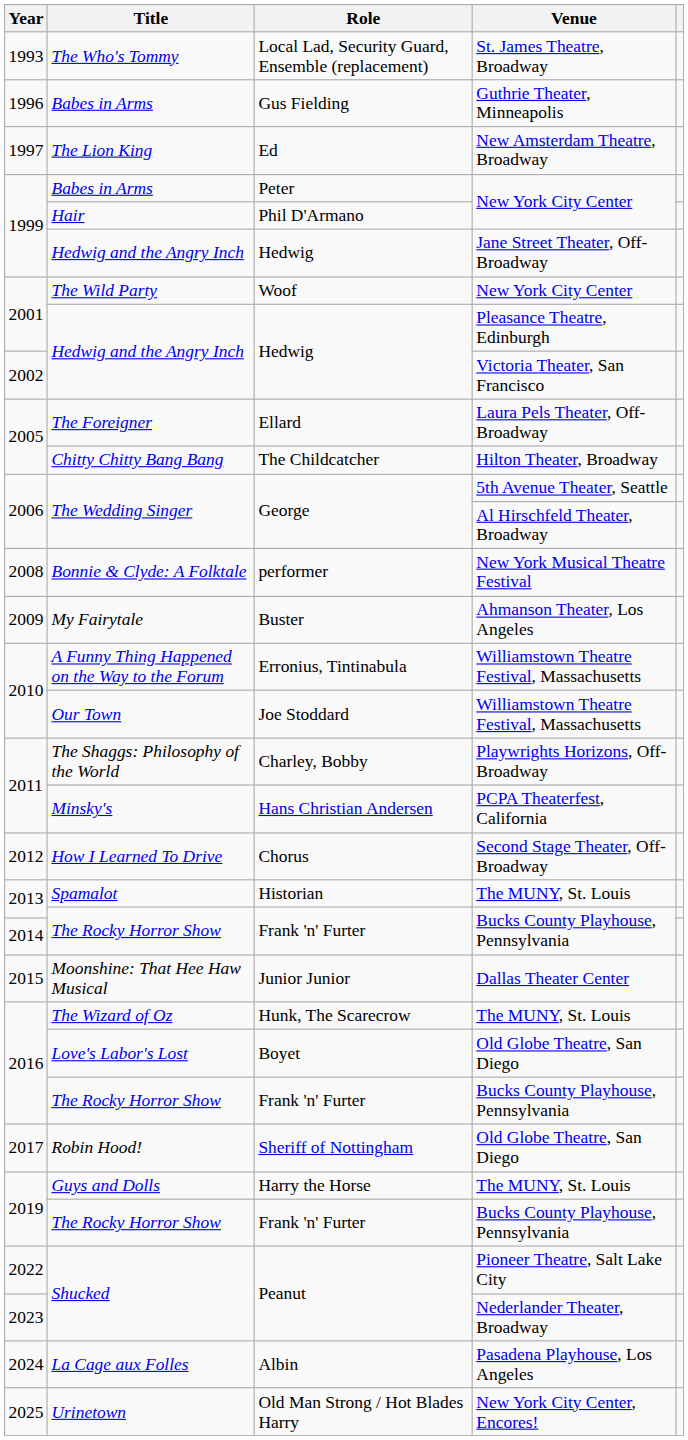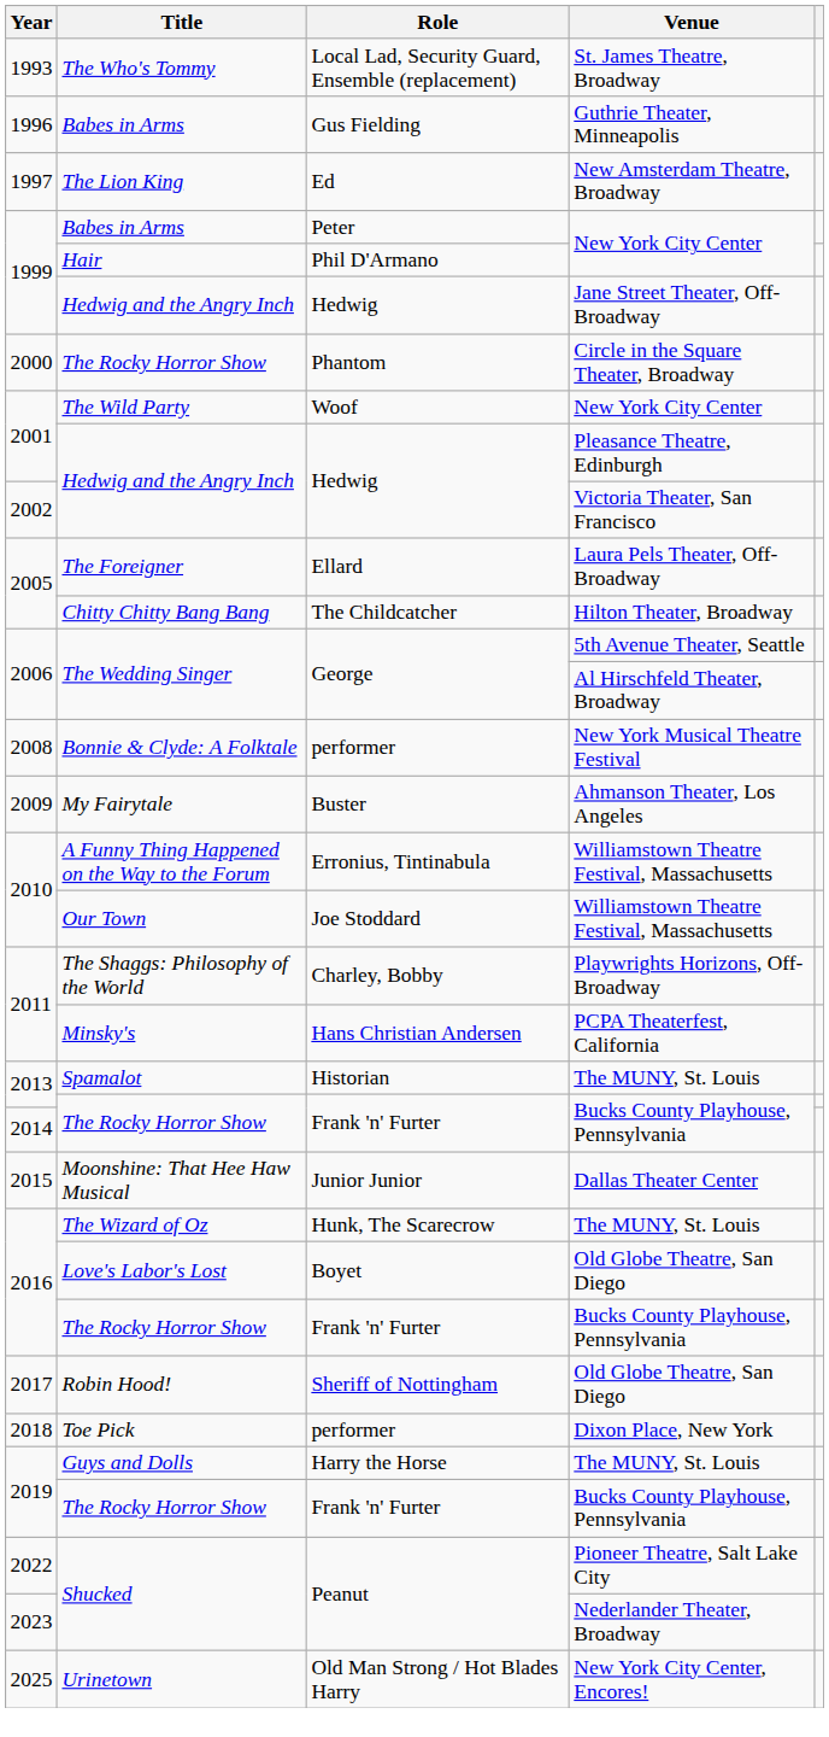 <table class="wikitable plainrowheaders sortable" style="margin-right: 0;">
 <tr>
 <th scope="col">Year</th>
 <th scope="col">Title</th>
 <th scope="col">Role</th>
 <th scope="col">Venue</th>
 <th scope="col" class="unsortable"></th>
 </tr>
 <tr>
 <td>1993</td>
 <td data-sort-value="Who's Tommy, The"><em><a href='#'>The Who's Tommy</a></em></td>
 <td>Local Lad, Security Guard, Ensemble  (replacement)</td>
 <td><a href='#'>St. James Theatre</a>, Broadway</td>
 <td style="text-align: center;"></td>
 </tr>
 <tr>
 <td>1996</td>
 <td><em><a href='#'>Babes in Arms</a></em></td>
 <td>Gus Fielding</td>
 <td><a href='#'>Guthrie Theater</a>, Minneapolis</td>
 <td style="text-align: center;"></td>
 </tr>
 <tr>
 <td>1997</td>
 <td data-sort-value="Lion King, The"><em><a href='#'>The Lion King</a></em></td>
 <td>Ed</td>
 <td><a href='#'>New Amsterdam Theatre</a>, Broadway</td>
 <td style="text-align: center;"></td>
 </tr>
 <tr>
 <td rowspan=3>1999</td>
 <td><em><a href='#'>Babes in Arms</a></em></td>
 <td>Peter</td>
 <td rowspan=2><a href='#'>New York City Center</a></td>
 <td style="text-align: center;"></td>
 </tr>
 <tr>
 <td><em><a href='#'>Hair</a></em></td>
 <td>Phil D'Armano</td>
 <td style="text-align: center;"></td>
 </tr>
 <tr>
 <td><em><a href='#'>Hedwig and the Angry Inch</a></em></td>
 <td>Hedwig</td>
 <td><a href='#'>Jane Street Theater</a>, Off-Broadway</td>
+<td style="text-align: center;"></td>
+</tr>
+<tr>
+<td>2000</td>
+<td data-sort-value="Rocky Horror Show, The"><em><a href='#'>The Rocky Horror Show</a></em></td>
+<td>Phantom</td>
+<td><a href='#'>Circle in the Square Theater</a>, Broadway</td>
 <td style="text-align: center;"></td>
 </tr>
 <tr>
 <td rowspan=2>2001</td>
 <td data-sort-value="Wild Party, The"><em><a href='#'>The Wild Party</a></em></td>
 <td>Woof</td>
 <td><a href='#'>New York City Center</a></td>
 <td style="text-align: center;"></td>
 </tr>
 <tr>
 <td rowspan=2><em><a href='#'>Hedwig and the Angry Inch</a></em></td>
 <td rowspan=2>Hedwig</td>
 <td><a href='#'>Pleasance Theatre</a>, Edinburgh</td>
 <td style="text-align: center;"></td>
 </tr>
 <tr>
 <td>2002</td>
 <td><a href='#'>Victoria Theater</a>, San Francisco</td>
 <td style="text-align: center;"></td>
 </tr>
 <tr>
 <td rowspan=2>2005</td>
 <td data-sort-value="Foreigner, The"><em><a href='#'>The Foreigner</a></em></td>
 <td>Ellard</td>
 <td><a href='#'>Laura Pels Theater</a>, Off-Broadway</td>
 <td style="text-align: center;"></td>
 </tr>
 <tr>
 <td><em><a href='#'>Chitty Chitty Bang Bang</a></em></td>
 <td data-sort-value="Childcatcher, The">The Childcatcher</td>
 <td><a href='#'>Hilton Theater</a>, Broadway</td>
 <td style="text-align: center;"></td>
 </tr>
 <tr>
 <td rowspan=2>2006</td>
 <td rowspan=2><em><a href='#'>The Wedding Singer</a></em></td>
 <td rowspan=2>George</td>
 <td><a href='#'>5th Avenue Theater</a>, Seattle</td>
 <td style="text-align: center;"></td>
 </tr>
 <tr>
 <td><a href='#'>Al Hirschfeld Theater</a>, Broadway</td>
 <td style="text-align: center;"></td>
 </tr>
 <tr>
 <td>2008</td>
 <td><em><a href='#'>Bonnie & Clyde: A Folktale</a></em></td>
 <td>performer</td>
 <td><a href='#'>New York Musical Theatre Festival</a></td>
 <td style="text-align: center;"></td>
 </tr>
 <tr>
 <td>2009</td>
 <td><em>My Fairytale</em></td>
 <td>Buster</td>
 <td><a href='#'>Ahmanson Theater</a>, Los Angeles</td>
 <td style="text-align: center;"></td>
 </tr>
 <tr>
 <td rowspan=2>2010</td>
 <td><em><a href='#'>A Funny Thing Happened on the Way to the Forum</a></em></td>
 <td>Erronius, Tintinabula</td>
 <td><a href='#'>Williamstown Theatre Festival</a>, Massachusetts</td>
 <td style="text-align: center;"></td>
 </tr>
 <tr>
 <td><em><a href='#'>Our Town</a></em></td>
 <td>Joe Stoddard</td>
 <td><a href='#'>Williamstown Theatre Festival</a>, Massachusetts</td>
 <td style="text-align: center;"></td>
 </tr>
 <tr>
 <td rowspan=2>2011</td>
 <td data-sort-value="Shaggs: Philosophy of the World, The"><em>The Shaggs: Philosophy of the World</em></td>
 <td>Charley, Bobby</td>
 <td><a href='#'>Playwrights Horizons</a>, Off-Broadway</td>
 <td style="text-align: center;"></td>
 </tr>
 <tr>
 <td><em><a href='#'>Minsky's</a></em></td>
 <td><a href='#'>Hans Christian Andersen</a></td>
 <td><a href='#'>PCPA Theaterfest</a>, California</td>
 <td style="text-align: center;"></td>
 </tr>
 <tr>
-<td>2012</td>
-<td><em><a href='#'>How I Learned To Drive</a></em></td>
-<td>Chorus</td>
-<td><a href='#'>Second Stage Theater</a>, Off-Broadway</td>
-<td style="text-align: center;"></td>
-</tr>
-<tr>
 <td rowspan=2>2013</td>
 <td><em><a href='#'>Spamalot</a></em></td>
 <td>Historian</td>
 <td data-sort-value="Muny, The"><a href='#'>The MUNY</a>, St. Louis</td>
 <td style="text-align: center;"></td>
 </tr>
 <tr>
 <td rowspan=2><em><a href='#'>The Rocky Horror Show</a></em></td>
 <td rowspan=2>Frank 'n' Furter</td>
 <td rowspan=2><a href='#'>Bucks County Playhouse</a>, Pennsylvania</td>
 <td style="text-align: center;"></td>
 </tr>
 <tr>
 <td>2014</td>
 <td style="text-align: center;"></td>
 </tr>
 <tr>
 <td>2015</td>
 <td><em>Moonshine: That Hee Haw Musical</em></td>
 <td>Junior Junior</td>
 <td><a href='#'>Dallas Theater Center</a></td>
 <td style="text-align: center;"></td>
 </tr>
 <tr>
 <td rowspan=3>2016</td>
 <td data-sort-value="Wizard of Oz, The"><em><a href='#'>The Wizard of Oz</a></em></td>
 <td>Hunk, The Scarecrow</td>
 <td data-sort-value="Muny, The"><a href='#'>The MUNY</a>, St. Louis</td>
 <td style="text-align: center;"></td>
 </tr>
 <tr>
 <td><em><a href='#'>Love's Labor's Lost</a></em></td>
 <td>Boyet</td>
 <td><a href='#'>Old Globe Theatre</a>, San Diego</td>
 <td style="text-align: center;"></td>
 </tr>
 <tr>
 <td data-sort-value="Rocky Horror Show, The"><em><a href='#'>The Rocky Horror Show</a></em></td>
 <td>Frank 'n' Furter</td>
 <td><a href='#'>Bucks County Playhouse</a>, Pennsylvania</td>
 <td style="text-align: center;"></td>
 </tr>
 <tr>
 <td>2017</td>
 <td><em>Robin Hood!</em></td>
 <td><a href='#'>Sheriff of Nottingham </a></td>
 <td><a href='#'>Old Globe Theatre</a>, San Diego</td>
 <td style="text-align: center;"></td>
 </tr>
 <tr>
+<td>2018</td>
+<td><em>Toe Pick</em></td>
+<td>performer</td>
+<td><a href='#'>Dixon Place</a>, New York</td>
+<td style="text-align: center;"></td>
+</tr>
+<tr>
 <td rowspan=2>2019</td>
 <td><em><a href='#'>Guys and Dolls</a></em></td>
 <td>Harry the Horse</td>
 <td data-sort-value="Muny, The"><a href='#'>The MUNY</a>, St. Louis</td>
 <td style="text-align: center;"></td>
 </tr>
 <tr>
 <td data-sort-value="Rocky Horror Show, The"><em><a href='#'>The Rocky Horror Show</a></em></td>
 <td>Frank 'n' Furter</td>
 <td><a href='#'>Bucks County Playhouse</a>, Pennsylvania</td>
 <td style="text-align: center;"></td>
 </tr>
 <tr>
 <td>2022</td>
 <td rowspan=2><em><a href='#'>Shucked</a></em></td>
 <td rowspan=2>Peanut</td>
 <td><a href='#'>Pioneer Theatre</a>, Salt Lake City</td>
 <td style="text-align: center;"></td>
 </tr>
 <tr>
 <td>2023</td>
 <td><a href='#'>Nederlander Theater</a>, Broadway</td>
 <td style="text-align: center;"></td>
 </tr>
 <tr>
-<td>2024</td>
-<td data-sort-value="Cage aux Folles, La"><em><a href='#'>La Cage aux Folles</a></em></td>
-<td>Albin</td>
-<td><a href='#'>Pasadena Playhouse</a>, Los Angeles</td>
-<td style="text-align: center;"></td>
-</tr>
-<tr>
 <td>2025</td>
 <td><em><a href='#'>Urinetown</a></em></td>
 <td>Old Man Strong / Hot Blades Harry</td>
 <td><a href='#'>New York City Center</a>, <a href='#'>Encores!</a></td>
 <td style="text-align: center;"></td>
 </tr>
 </table>
